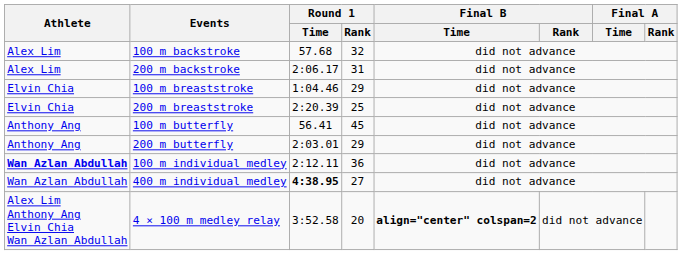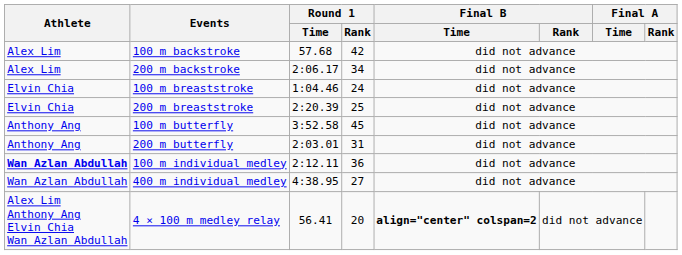 <table class=wikitable style="font-size:90%">
 <tr>
 <th rowspan="2">Athlete</th>
 <th rowspan="2">Events</th>
 <th colspan="2">Round 1</th>
 <th colspan="2">Final B</th>
 <th colspan="2">Final A</th>
 </tr>
 <tr>
 <th>Time</th>
 <th>Rank</th>
 <th>Time</th>
 <th>Rank</th>
 <th>Time</th>
 <th>Rank</th>
 </tr>
 <tr>
 <td><a href='#'>Alex Lim</a></td>
 <td><a href='#'>100 m backstroke</a></td>
 <td align="center">57.68</td>
-<td align="center">32</td>
+<td align="center">42</td>
 <td align="center" colspan=4>did not advance</td>
 </tr>
 <tr>
 <td><a href='#'>Alex Lim</a></td>
 <td><a href='#'>200 m backstroke</a></td>
 <td align="center">2:06.17</td>
-<td align="center">31</td>
+<td align="center">34</td>
 <td align="center" colspan=4>did not advance</td>
 </tr>
 <tr>
 <td><a href='#'>Elvin Chia</a></td>
 <td><a href='#'>100 m breaststroke</a></td>
 <td align="center">1:04.46</td>
-<td align="center">29</td>
+<td align="center">24</td>
 <td align="center" colspan=4>did not advance</td>
 </tr>
 <tr>
 <td><a href='#'>Elvin Chia</a></td>
 <td><a href='#'>200 m breaststroke</a></td>
 <td align="center">2:20.39</td>
 <td align="center">25</td>
 <td align="center" colspan=4>did not advance</td>
 </tr>
 <tr>
 <td><a href='#'>Anthony Ang</a></td>
 <td><a href='#'>100 m butterfly</a></td>
-<td align="center">56.41</td>
+<td align="center">3:52.58</td>
 <td align="center">45</td>
 <td align="center" colspan=4>did not advance</td>
 </tr>
 <tr>
 <td><a href='#'>Anthony Ang</a></td>
 <td><a href='#'>200 m butterfly</a></td>
 <td align="center">2:03.01</td>
-<td align="center">29</td>
+<td align="center">31</td>
 <td align="center" colspan=4>did not advance</td>
 </tr>
 <tr>
 <td><strong><a href='#'>Wan Azlan Abdullah</a></strong></td>
 <td><a href='#'>100 m individual medley</a></td>
 <td align="center">2:12.11</td>
 <td align="center">36</td>
 <td align="center" colspan=4>did not advance</td>
 </tr>
 <tr>
 <td><a href='#'>Wan Azlan Abdullah</a></td>
 <td><a href='#'>400 m individual medley</a></td>
-<td align="center"><strong>4:38.95</strong></td>
+<td align="center">4:38.95</td>
 <td align="center">27</td>
 <td align="center" colspan=4>did not advance</td>
 </tr>
 <tr>
 <td><a href='#'>Alex Lim</a><br><a href='#'>Anthony Ang</a><br><a href='#'>Elvin Chia</a><br><a href='#'>Wan Azlan Abdullah</a></td>
 <td><a href='#'>4 × 100 m medley relay</a></td>
-<td align="center">3:52.58</td>
+<td align="center">56.41</td>
 <td align="center">20</td>
 <td><strong>align="center" colspan=2 </strong></td>
 <td align="center" colspan=2>did not advance</td>
 </tr>
 </table>
